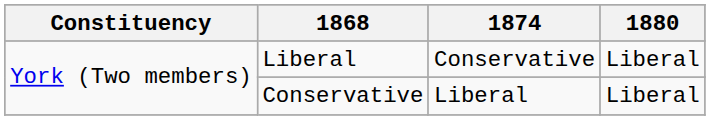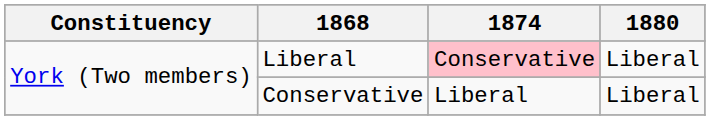 <table class="wikitable">
 <tr>
 <th>Constituency</th>
 <th>1868</th>
 <th>1874</th>
 <th>1880</th>
 </tr>
 <tr>
 <td rowspan="2"><a href='#'>York</a> (Two members)</td>
 <td>Liberal</td>
-<td>Conservative</td>
+<td style="background: pink;">Conservative</td>
 <td>Liberal</td>
 </tr>
 <tr>
 <td>Conservative</td>
 <td>Liberal</td>
 <td>Liberal</td>
 </tr>
 </table>
